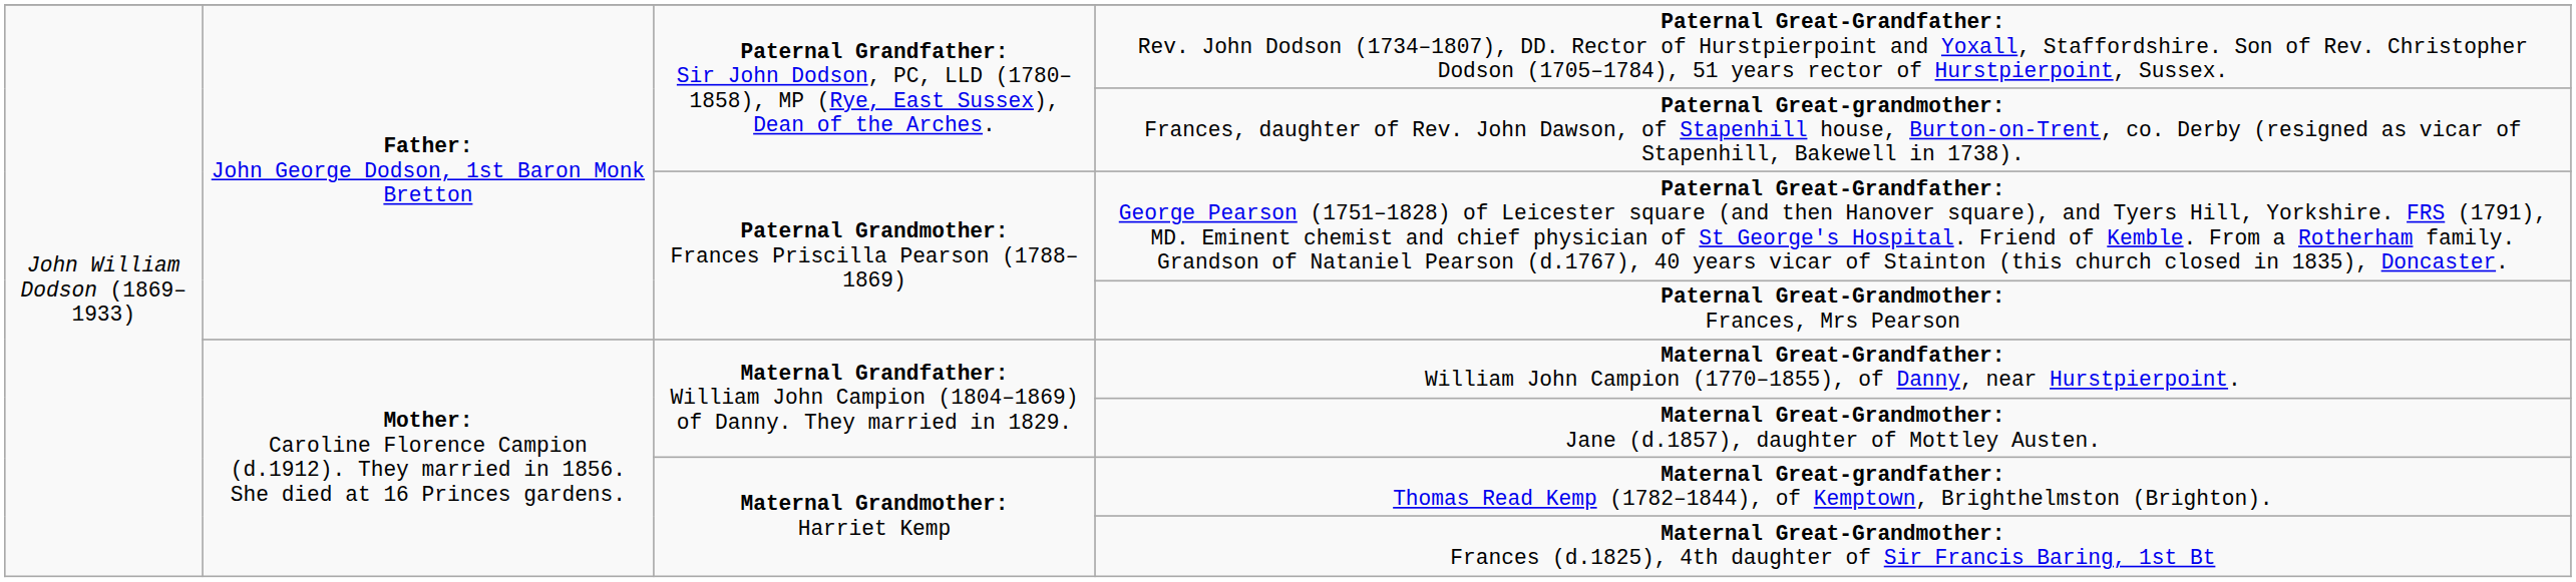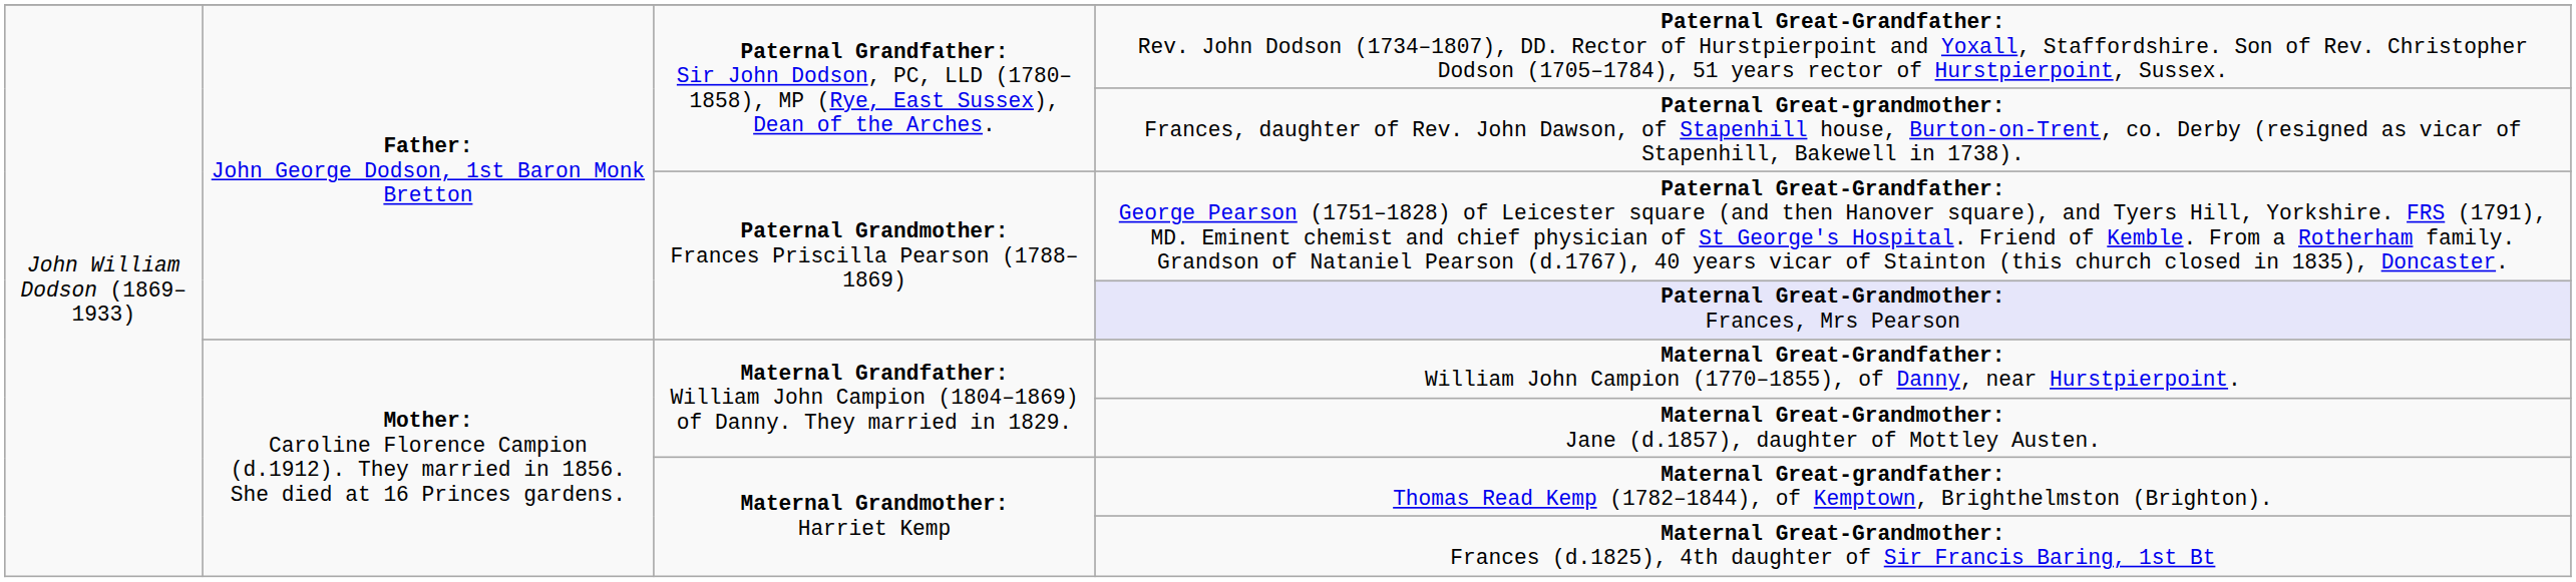 <table class="wikitable">
 <tr>
 </tr>
 <tr>
 <td rowspan="8" align="center"><em>John William Dodson</em> (1869–1933)</td>
 <td rowspan="4" align="center"><strong>Father:</strong><br><a href='#'>John George Dodson, 1st Baron Monk Bretton</a></td>
 <td rowspan="2" align="center"><strong>Paternal Grandfather:</strong><br><a href='#'>Sir John Dodson</a>,  PC, LLD (1780–1858), MP (<a href='#'>Rye, East Sussex</a>), <a href='#'>Dean of the Arches</a>.</td>
 <td align="center"><strong>Paternal Great-Grandfather:</strong><br>Rev. John Dodson (1734–1807), DD. Rector of Hurstpierpoint and <a href='#'>Yoxall</a>, Staffordshire. Son of Rev. Christopher Dodson (1705–1784), 51 years rector of <a href='#'>Hurstpierpoint</a>, Sussex.</td>
 </tr>
 <tr>
 <td align="center"><strong>Paternal Great-grandmother:</strong><br>Frances, daughter of Rev. John Dawson, of <a href='#'>Stapenhill</a> house, <a href='#'>Burton-on-Trent</a>, co. Derby (resigned as vicar of Stapenhill, Bakewell in 1738).</td>
 </tr>
 <tr>
 <td rowspan="2" align="center"><strong>Paternal Grandmother:</strong><br>Frances Priscilla Pearson (1788–1869)</td>
 <td align="center"><strong>Paternal Great-Grandfather:</strong><br><a href='#'>George Pearson</a> (1751–1828) of Leicester square (and then Hanover square), and Tyers Hill, Yorkshire. <a href='#'>FRS</a> (1791), MD. Eminent chemist and chief physician of <a href='#'>St George's Hospital</a>. Friend of <a href='#'>Kemble</a>. From a <a href='#'>Rotherham</a> family. Grandson of Nataniel Pearson (d.1767), 40 years vicar of Stainton (this church closed in 1835), <a href='#'>Doncaster</a>.</td>
 </tr>
 <tr>
-<td align="center"><strong>Paternal Great-Grandmother:</strong><br>Frances, Mrs Pearson</td>
+<td align="center" style="background: lavender;"><strong>Paternal Great-Grandmother:</strong><br>Frances, Mrs Pearson</td>
 </tr>
 <tr>
 <td rowspan="4" align="center"><strong>Mother:</strong><br>Caroline Florence Campion (d.1912). They married in 1856. She died at 16 Princes gardens.</td>
 <td rowspan="2" align="center"><strong>Maternal Grandfather:</strong><br>William John Campion (1804–1869) of Danny. They married in 1829.</td>
 <td align="center"><strong>Maternal Great-Grandfather:</strong><br>William John Campion (1770–1855), of <a href='#'>Danny</a>, near <a href='#'>Hurstpierpoint</a>.</td>
 </tr>
 <tr>
 <td align="center"><strong>Maternal Great-Grandmother:</strong><br>Jane (d.1857), daughter of Mottley Austen.</td>
 </tr>
 <tr>
 <td rowspan="2" align="center"><strong>Maternal Grandmother:</strong><br>Harriet Kemp</td>
 <td align="center"><strong>Maternal Great-grandfather:</strong><br><a href='#'>Thomas Read Kemp</a> (1782–1844), of <a href='#'>Kemptown</a>, Brighthelmston (Brighton).</td>
 </tr>
 <tr>
 <td align="center"><strong>Maternal Great-Grandmother:</strong><br>Frances (d.1825), 4th daughter of <a href='#'>Sir Francis Baring, 1st Bt</a></td>
 </tr>
 </table>
